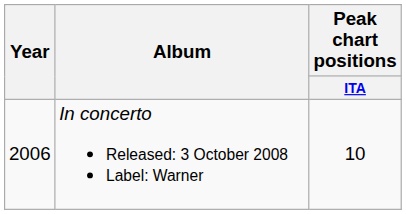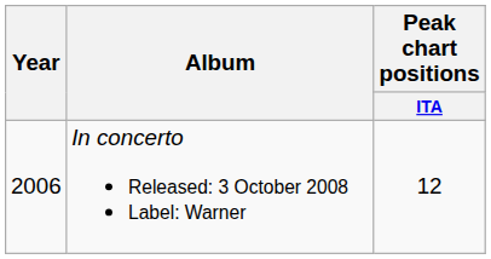 <table class="wikitable" style="testo-align:center;">
 <tr>
 <th rowspan="2">Year</th>
 <th width="210" rowspan="2">Album</th>
 <th colspan="1">Peak chart positions</th>
 </tr>
 <tr>
 <th style="width:4em;font-size:75%"><a href='#'>ITA</a></th>
 </tr>
 <tr>
 <td>2006</td>
 <td align="left"><em>In concerto</em><br><ul><li><small>Released: 3 October 2008</small></li><li><small>Label: Warner</small></li></ul></td>
-<td align="center">10</td>
+<td align="center">12</td>
 </tr>
 </table>
